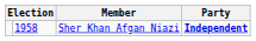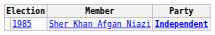 <table class="wikitable">
 <tr>
 <th colspan="2">Election</th>
 <th>Member</th>
 <th>Party</th>
 </tr>
 <tr>
 <td style="background-color: "></td>
-<td><a href='#'>1958</a></td>
+<td><a href='#'>1985</a></td>
 <td><a href='#'>Sher Khan Afgan Niazi</a></td>
 <td><strong><a href='#'>Independent</a></strong></td>
 </tr>
 </table>
